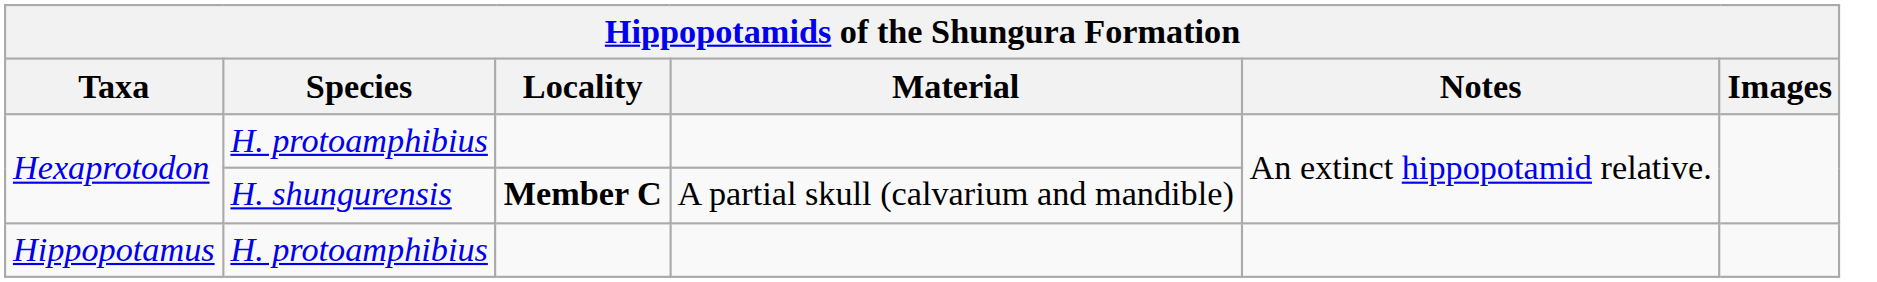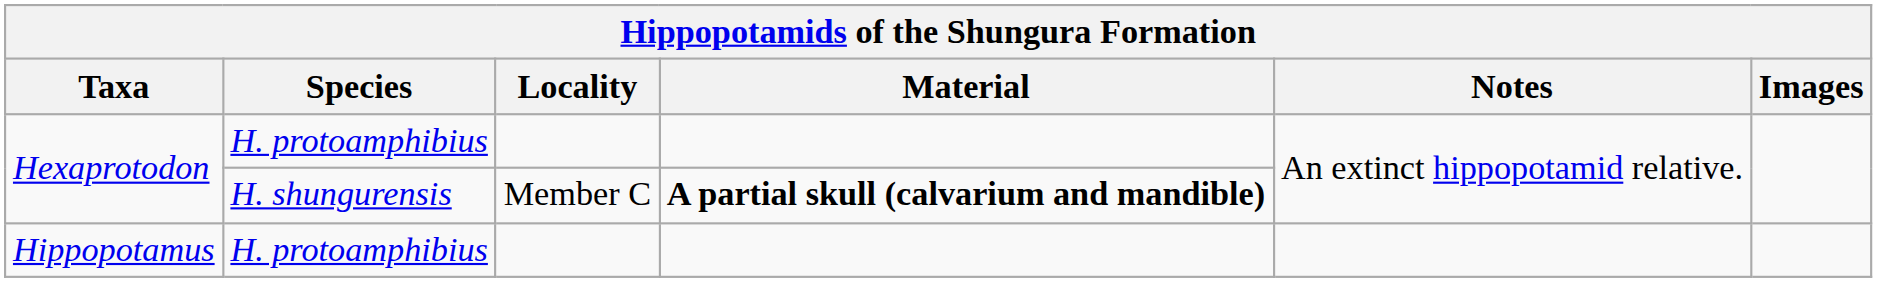 <table class="wikitable" align="center">
 <tr>
 <th colspan="7" align="center"><strong><a href='#'>Hippopotamids</a></strong> of the Shungura Formation</th>
 </tr>
 <tr>
 <th>Taxa</th>
 <th>Species</th>
 <th>Locality</th>
 <th>Material</th>
 <th>Notes</th>
 <th>Images</th>
 </tr>
 <tr>
 <td rowspan = "2"><em><a href='#'>Hexaprotodon</a></em></td>
 <td><em><a href='#'>H. protoamphibius</a></em></td>
 <td></td>
 <td></td>
 <td rowspan = "2">An extinct <a href='#'>hippopotamid</a> relative.</td>
 <td rowspan = "2"></td>
 </tr>
 <tr>
 <td><em><a href='#'>H. shungurensis</a></em></td>
-<td><strong>Member C</strong></td>
-<td>A partial skull (calvarium and mandible)</td>
+<td>Member C</td>
+<td><strong>A partial skull (calvarium and mandible)</strong></td>
 </tr>
 <tr>
 <td><em><a href='#'>Hippopotamus</a></em></td>
 <td><em><a href='#'>H. protoamphibius</a></em></td>
 <td></td>
 <td></td>
 <td></td>
 <td></td>
 </tr>
 </table>
